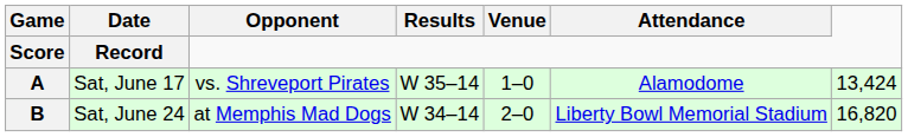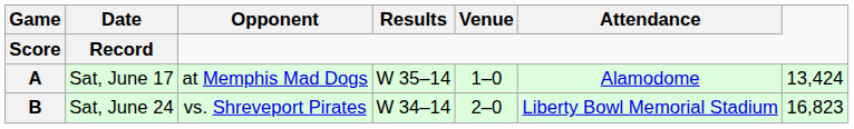 <table class="wikitable" style="text-align:center">
 <tr>
 <th>Game</th>
 <th>Date</th>
 <th>Opponent</th>
 <th>Results</th>
 <th>Venue</th>
 <th>Attendance</th>
 </tr>
 <tr>
 <th>Score</th>
 <th>Record</th>
 </tr>
 <tr style="background:#ddffdd">
 <th>A</th>
 <td>Sat, June 17</td>
-<td>vs. <a href='#'>Shreveport Pirates</a></td>
+<td>at <a href='#'>Memphis Mad Dogs</a></td>
 <td>W 35–14</td>
 <td>1–0</td>
 <td><a href='#'>Alamodome</a></td>
 <td>13,424</td>
 </tr>
 <tr style="background:#ddffdd">
 <th>B</th>
 <td>Sat, June 24</td>
-<td>at <a href='#'>Memphis Mad Dogs</a></td>
+<td>vs. <a href='#'>Shreveport Pirates</a></td>
 <td>W 34–14</td>
 <td>2–0</td>
 <td><a href='#'>Liberty Bowl Memorial Stadium</a></td>
-<td>16,820</td>
+<td>16,823</td>
 </tr>
 </table>
